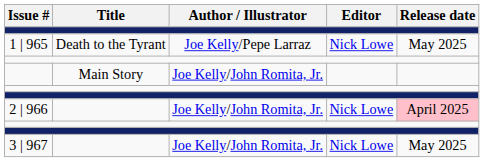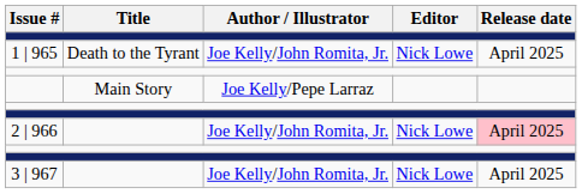 <table class="wikitable">
 <tr>
 <th>Issue #</th>
 <th>Title</th>
 <th>Author / Illustrator</th>
 <th>Editor</th>
 <th>Release date</th>
 </tr>
 <tr>
 <td colspan="6" bgcolor="#112266"></td>
 </tr>
 <tr>
 <td align="center">1  |  965</td>
 <td align="center">Death to the Tyrant</td>
-<td align="center"><a href='#'>Joe Kelly</a>/Pepe Larraz</td>
+<td align="center"><a href='#'>Joe Kelly</a>/<a href='#'>John Romita, Jr.</a></td>
 <td align="center"><a href='#'>Nick Lowe</a></td>
-<td align="center">May 2025</td>
+<td align="center">April 2025</td>
 </tr>
 <tr>
 <td colspan="6"></td>
 </tr>
 <tr>
 <td></td>
 <td align="center">Main Story</td>
-<td align="center"><a href='#'>Joe Kelly</a>/<a href='#'>John Romita, Jr.</a></td>
+<td align="center"><a href='#'>Joe Kelly</a>/Pepe Larraz</td>
 <td></td>
 <td></td>
 </tr>
 <tr>
 <td colspan="6"></td>
 </tr>
 <tr>
 <td colspan="6" bgcolor="#112266"></td>
 </tr>
 <tr>
 <td align="center">2  |  966</td>
 <td align="center"></td>
 <td align="center"><a href='#'>Joe Kelly</a>/<a href='#'>John Romita, Jr.</a></td>
 <td align="center"><a href='#'>Nick Lowe</a></td>
 <td align="center" style="background: pink;">April 2025</td>
 </tr>
 <tr>
 <td colspan="6"></td>
 </tr>
 <tr>
 <td colspan="6" bgcolor="#112266"></td>
 </tr>
 <tr>
 <td align="center">3  |  967</td>
 <td align="center"></td>
 <td align="center"><a href='#'>Joe Kelly</a>/<a href='#'>John Romita, Jr.</a></td>
 <td align="center"><a href='#'>Nick Lowe</a></td>
-<td align="center">May 2025</td>
+<td align="center">April 2025</td>
 </tr>
 </table>
